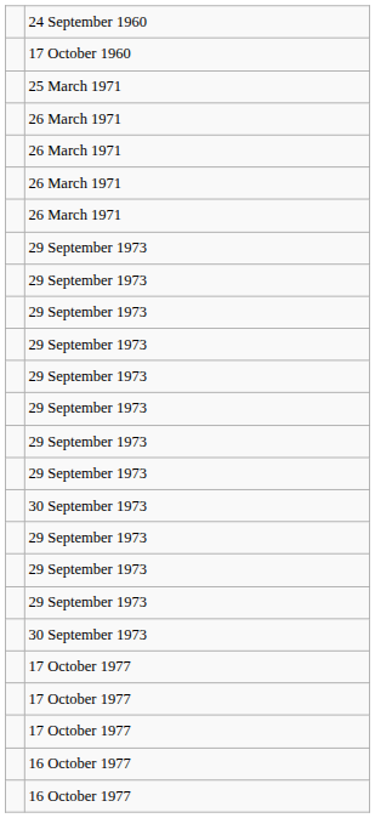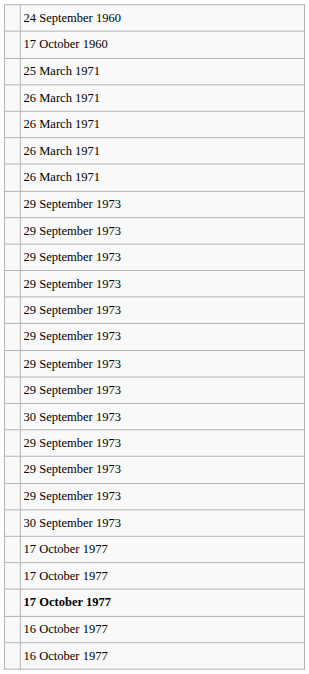 <table class="wikitable" style="font-size: 89%; float: left; width: 24em; margin-right: 1em; line-height: 1.65em">
 <tr>
 <td></td>
 <td>24 September 1960</td>
 </tr>
 <tr>
 <td></td>
 <td>17 October 1960</td>
 </tr>
 <tr>
 <td></td>
 <td>25 March 1971</td>
 </tr>
 <tr>
 <td></td>
 <td>26 March 1971</td>
 </tr>
 <tr>
 <td></td>
 <td>26 March 1971</td>
 </tr>
 <tr>
 <td></td>
 <td>26 March 1971</td>
 </tr>
 <tr>
 <td></td>
 <td>26 March 1971</td>
 </tr>
 <tr>
 <td></td>
 <td>29 September 1973</td>
 </tr>
 <tr>
 <td></td>
 <td>29 September 1973</td>
 </tr>
 <tr>
 <td></td>
 <td>29 September 1973</td>
 </tr>
 <tr>
 <td></td>
 <td>29 September 1973</td>
 </tr>
 <tr>
 <td></td>
 <td>29 September 1973</td>
 </tr>
 <tr>
 <td></td>
 <td>29 September 1973</td>
 </tr>
 <tr>
 <td></td>
 <td>29 September 1973</td>
 </tr>
 <tr>
 <td></td>
 <td>29 September 1973</td>
 </tr>
 <tr>
 <td></td>
 <td>30 September 1973</td>
 </tr>
 <tr>
 <td></td>
 <td>29 September 1973</td>
 </tr>
 <tr>
 <td></td>
 <td>29 September 1973</td>
 </tr>
 <tr>
 <td></td>
 <td>29 September 1973</td>
 </tr>
 <tr>
 <td></td>
 <td>30 September 1973</td>
 </tr>
 <tr>
 <td></td>
 <td>17 October 1977</td>
 </tr>
 <tr>
 <td></td>
 <td>17 October 1977</td>
 </tr>
 <tr>
 <td></td>
-<td>17 October 1977</td>
+<td><strong>17 October 1977</strong></td>
 </tr>
 <tr>
 <td></td>
 <td>16 October 1977</td>
 </tr>
 <tr>
 <td></td>
 <td>16 October 1977</td>
 </tr>
 </table>
